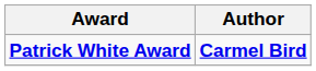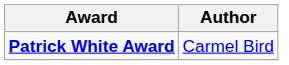 <table class="wikitable">
 <tr>
 <th>Award</th>
 <th>Author</th>
 </tr>
 <tr>
 <td><strong><a href='#'>Patrick White Award</a></strong></td>
-<td><strong><a href='#'>Carmel Bird</a></strong></td>
+<td><a href='#'>Carmel Bird</a></td>
 </tr>
 <tr>
 </tr>
 </table>
